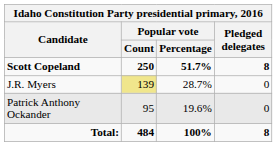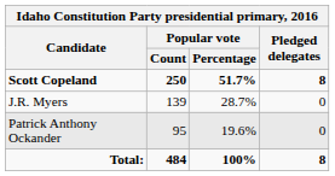 <table class="wikitable">
 <tr>
 <th colspan="4">Idaho Constitution Party presidential primary, 2016</th>
 </tr>
 <tr>
 <th rowspan="2" style="width:160px;">Candidate</th>
 <th colspan="2" style="width:75px;">Popular vote</th>
 <th rowspan="2" style="width:75px;">Pledged delegates</th>
 </tr>
 <tr>
 <th>Count</th>
 <th>Percentage</th>
 </tr>
 <tr align="right" >
 <td style="text-align:left;"><strong> Scott Copeland</strong></td>
 <td><strong>250</strong></td>
 <td><strong>51.7%</strong></td>
 <td><strong>8</strong></td>
 </tr>
 <tr style="text-align:right;">
 <td style="text-align:left;">J.R. Myers</td>
-<td style="background: khaki;">139</td>
+<td>139</td>
 <td>28.7%</td>
 <td>0</td>
 </tr>
 <tr style="text-align:right; background:#e9e9e9;">
 <td style="text-align:left;">Patrick Anthony Ockander</td>
 <td>95</td>
 <td>19.6%</td>
 <td>0</td>
 </tr>
 <tr style="text-align:right;">
 <td><strong>Total:</strong></td>
 <td><strong>484</strong></td>
 <td><strong>100%</strong></td>
 <td><strong>8</strong></td>
 </tr>
 </table>
